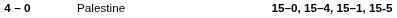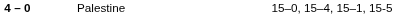 <table width=100% cellspacing=1>
 <tr>
 <th width=20%></th>
 <th width=12%></th>
 <th width=20%></th>
 <th width=33%></th>
 <td></td>
 </tr>
 <tr style=font-size:95%>
 <td align=right><strong></strong></td>
 <td align=center><strong>4 – 0</strong></td>
 <td> Palestine</td>
-<td><strong>15–0, 15–4, 15–1, 15-5</strong></td>
+<td>15–0, 15–4, 15–1, 15-5</td>
 </tr>
 </table>
